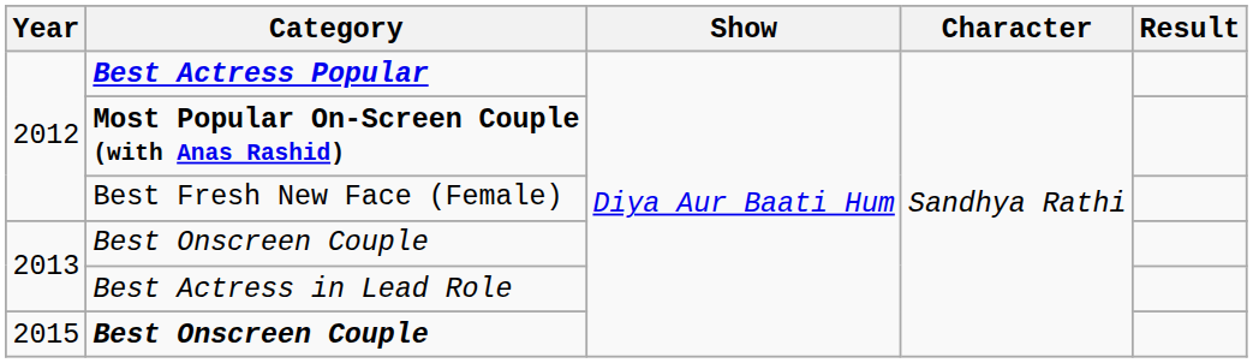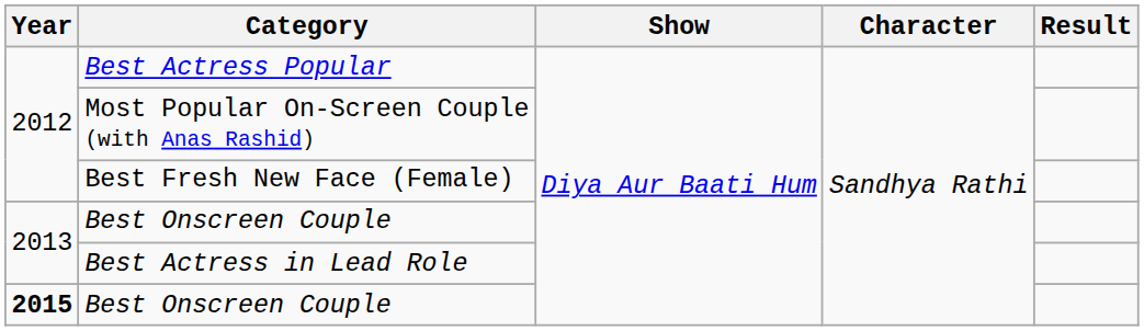 <table class="wikitable sortable">
 <tr>
 <th>Year</th>
 <th>Category</th>
 <th>Show</th>
 <th>Character</th>
 <th>Result</th>
 </tr>
 <tr>
 <td rowspan="3">2012</td>
-<td><strong><em><a href='#'>Best Actress Popular</a></em></strong></td>
+<td><em><a href='#'>Best Actress Popular</a></em></td>
 <td rowspan=6><em><a href='#'>Diya Aur Baati Hum</a></em></td>
 <td rowspan=6><em>Sandhya Rathi</em></td>
 <td></td>
 </tr>
 <tr>
-<td><strong>Most Popular On-Screen Couple<br><small>(with <a href='#'>Anas Rashid</a>)</small></strong></td>
+<td>Most Popular On-Screen Couple<br><small>(with <a href='#'>Anas Rashid</a>)</small></td>
 <td></td>
 </tr>
 <tr>
 <td>Best Fresh New Face (Female)</td>
 <td></td>
 </tr>
 <tr>
 <td rowspan="2">2013</td>
 <td><em>Best Onscreen Couple</em></td>
 <td></td>
 </tr>
 <tr>
 <td><em>Best Actress in Lead Role</em></td>
 <td></td>
 </tr>
 <tr>
-<td>2015</td>
-<td><strong><em>Best Onscreen Couple</em></strong></td>
+<td><strong>2015</strong></td>
+<td><em>Best Onscreen Couple</em></td>
 <td></td>
 </tr>
 </table>
